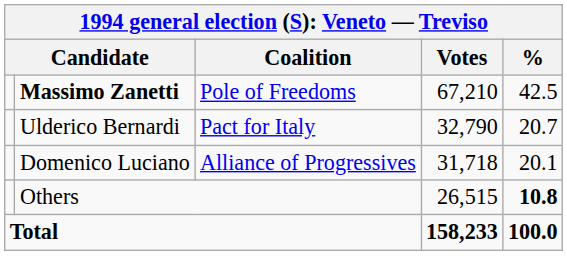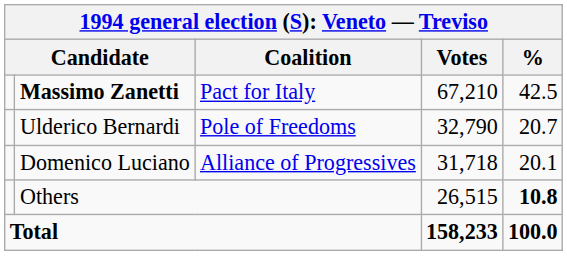 <table class=wikitable style=text-align:right>
 <tr>
 <th colspan=5><a href='#'>1994 general election</a> (<a href='#'>S</a>): <a href='#'>Veneto</a> — <a href='#'>Treviso</a></th>
 </tr>
 <tr>
 <th colspan=2>Candidate</th>
 <th>Coalition</th>
 <th>Votes</th>
 <th>%</th>
 </tr>
 <tr>
 <td></td>
 <td align=left><strong>Massimo Zanetti</strong></td>
-<td align=left><a href='#'>Pole of Freedoms</a></td>
+<td align=left><a href='#'>Pact for Italy</a></td>
 <td>67,210</td>
 <td>42.5</td>
 </tr>
 <tr>
 <td></td>
 <td align=left>Ulderico Bernardi</td>
-<td align=left><a href='#'>Pact for Italy</a></td>
+<td align=left><a href='#'>Pole of Freedoms</a></td>
 <td>32,790</td>
 <td>20.7</td>
 </tr>
 <tr>
 <td></td>
 <td align=left>Domenico Luciano</td>
 <td align=left><a href='#'>Alliance of Progressives</a></td>
 <td>31,718</td>
 <td>20.1</td>
 </tr>
 <tr>
 <td></td>
 <td align=left colspan=2>Others</td>
 <td>26,515</td>
 <td><strong>10.8</strong></td>
 </tr>
 <tr>
 <td align=left colspan=3><strong>Total</strong></td>
 <td><strong>158,233</strong></td>
 <td><strong>100.0</strong></td>
 </tr>
 </table>
